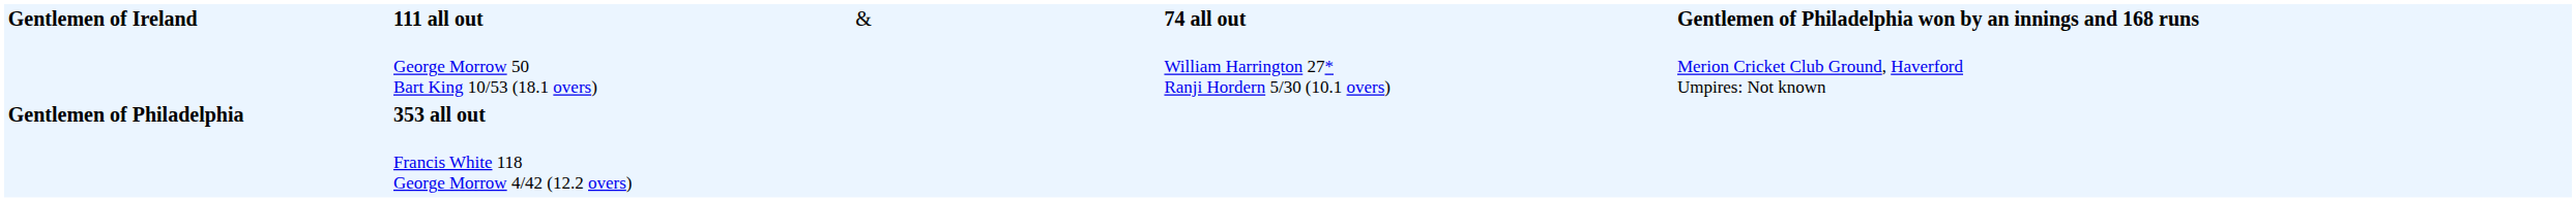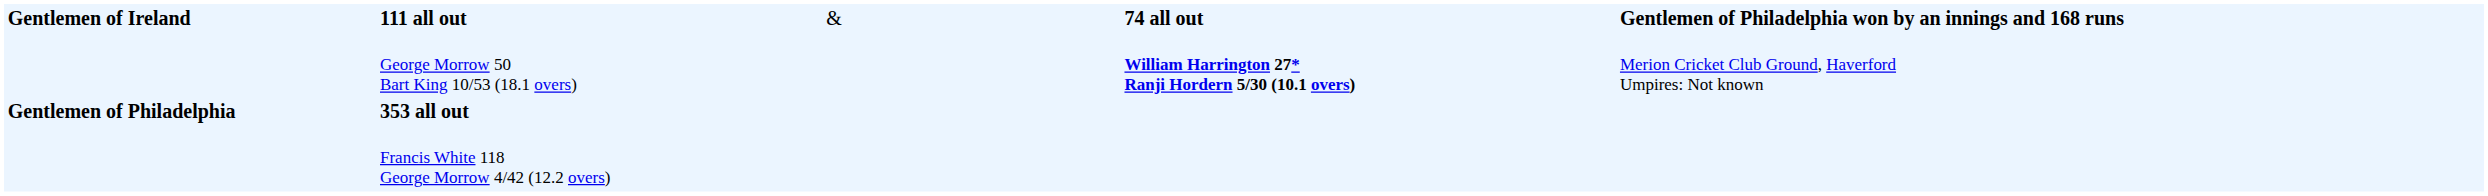 <table width="100%" style="background: #EBF5FF">
 <tr>
 <td width="15%" valign="top" rowspan="2"><strong>Gentlemen of Ireland</strong></td>
 <td width="18%"><strong>111 all out</strong></td>
 <td width="12%">&</td>
 <td width="20%"><strong>74 all out</strong></td>
 <td width="35%"><strong>Gentlemen of Philadelphia won by an innings and 168 runs</strong></td>
 </tr>
 <tr>
 <td style="font-size: 85%;" valign="top"><br><a href='#'>George Morrow</a> 50<br> <a href='#'>Bart King</a> 10/53 (18.1 <a href='#'>overs</a>)</td>
 <td></td>
-<td style="font-size: 85%;"><br><a href='#'>William Harrington</a> 27<a href='#'>*</a><br> <a href='#'>Ranji Hordern</a> 5/30 (10.1 <a href='#'>overs</a>)</td>
+<td style="font-size: 85%;"><strong><br><a href='#'>William Harrington</a> 27<a href='#'>*</a><br> <a href='#'>Ranji Hordern</a> 5/30 (10.1 <a href='#'>overs</a>)</strong></td>
 <td valign="top" style="font-size: 85%;" rowspan="3"><br><a href='#'>Merion Cricket Club Ground</a>, <a href='#'>Haverford</a><br> Umpires: Not known</td>
 </tr>
 <tr>
 <td valign="top" rowspan="2"><strong>Gentlemen of Philadelphia</strong></td>
 <td><strong>353 all out</strong></td>
 </tr>
 <tr>
 <td style="font-size: 85%;"><br><a href='#'>Francis White</a> 118<br> <a href='#'>George Morrow</a> 4/42 (12.2 <a href='#'>overs</a>)</td>
 </tr>
 </table>
